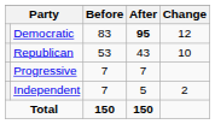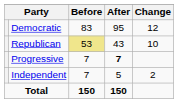 <table class="wikitable" style="text-align:center;">
 <tr>
 </tr>
 <tr>
 <th colspan=2>Party</th>
 <th>Before</th>
 <th>After</th>
 <th>Change</th>
 </tr>
 <tr>
 <th style="background-color:"></th>
 <td style="text-align:left;"><a href='#'>Democratic</a></td>
 <td>83</td>
-<td><strong>95</strong></td>
+<td>95</td>
 <td> 12</td>
 </tr>
 <tr>
 <th style="background-color:"></th>
 <td style="text-align:left;"><a href='#'>Republican</a></td>
-<td>53</td>
+<td style="background: khaki;">53</td>
 <td>43</td>
 <td> 10</td>
 </tr>
 <tr>
 <th style="background-color:"></th>
 <td style="text-align:left;"><a href='#'>Progressive</a></td>
 <td>7</td>
-<td>7</td>
+<td><strong>7</strong></td>
 <td></td>
 </tr>
 <tr>
 <th style="background-color:"></th>
 <td style="text-align:left;"><a href='#'>Independent</a></td>
 <td>7</td>
 <td>5</td>
 <td> 2</td>
 </tr>
 <tr>
 <td colspan=2><strong>Total</strong></td>
 <td><strong>150</strong></td>
 <td><strong>150</strong></td>
 <td></td>
 </tr>
 </table>
